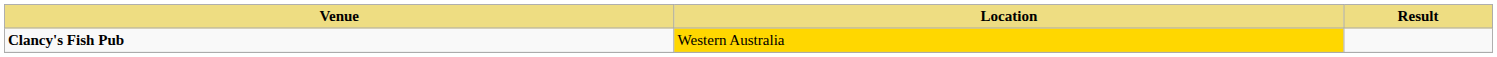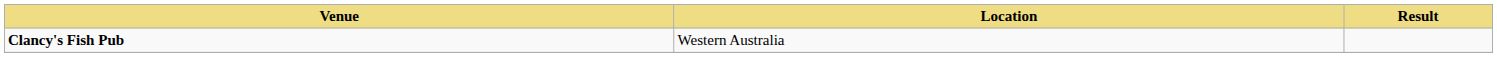 <table class="wikitable" width=100%>
 <tr>
 <th style="width:45%;background:#EEDD82;">Venue</th>
 <th style="width:45%;background:#EEDD82;">Location</th>
 <th style="width:10%;background:#EEDD82;">Result</th>
 </tr>
 <tr>
 <td><strong>Clancy's Fish Pub</strong></td>
-<td style="background: gold;">Western Australia</td>
+<td>Western Australia</td>
 <td></td>
 </tr>
 <tr>
 </tr>
 </table>
